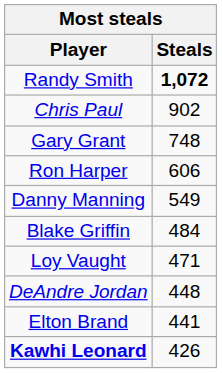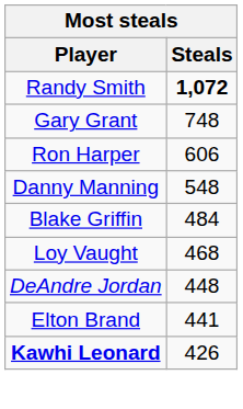 <table class="wikitable sortable" style="text-align:center">
 <tr>
 <th colspan="2" style="text-align:center; ">Most steals</th>
 </tr>
 <tr>
 <th style="text-align:center; ">Player</th>
 <th style="text-align:center; ">Steals</th>
 </tr>
 <tr>
 <td><a href='#'>Randy Smith</a></td>
 <td><strong>1,072</strong></td>
 </tr>
 <tr>
-<td><em><a href='#'>Chris Paul</a></em></td>
-<td>902</td>
-</tr>
-<tr>
 <td><a href='#'>Gary Grant</a></td>
 <td>748</td>
 </tr>
 <tr>
 <td><a href='#'>Ron Harper</a></td>
 <td>606</td>
 </tr>
 <tr>
 <td><a href='#'>Danny Manning</a></td>
-<td>549</td>
+<td>548</td>
 </tr>
 <tr>
 <td><a href='#'>Blake Griffin</a></td>
 <td>484</td>
 </tr>
 <tr>
 <td><a href='#'>Loy Vaught</a></td>
-<td>471</td>
+<td>468</td>
 </tr>
 <tr>
 <td><em><a href='#'>DeAndre Jordan</a></em></td>
 <td>448</td>
 </tr>
 <tr>
 <td><a href='#'>Elton Brand</a></td>
 <td>441</td>
 </tr>
 <tr>
 <td><strong><a href='#'>Kawhi Leonard</a></strong></td>
 <td>426</td>
 </tr>
 </table>
